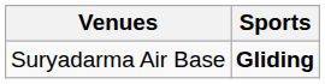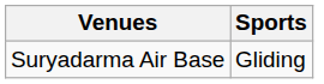 <table class="wikitable">
 <tr>
 <th>Venues</th>
 <th>Sports</th>
 </tr>
 <tr>
 <td>Suryadarma Air Base</td>
-<td><strong>Gliding</strong></td>
+<td>Gliding</td>
 </tr>
 </table>
